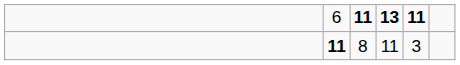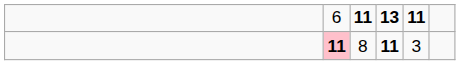 <table class="wikitable">
 <tr>
 <td style="width:18em"><strong></strong></td>
 <td align=center style="width:1em">6</td>
 <td align=center style="width:1em"><strong>11</strong></td>
 <td align=center style="width:1em"><strong>13</strong></td>
 <td align=center style="width:1em"><strong>11</strong></td>
 <td align=center style="width:1em"></td>
 </tr>
 <tr>
 <td style="width:18em"></td>
+<td align=center style="background: pink; width:1em"><strong>11</strong></td>
+<td align=center style="width:1em">8</td>
 <td align=center style="width:1em"><strong>11</strong></td>
-<td align=center style="width:1em">8</td>
-<td align=center style="width:1em">11</td>
 <td align=center style="width:1em">3</td>
 <td align=center style="width:1em"></td>
 </tr>
 </table>
